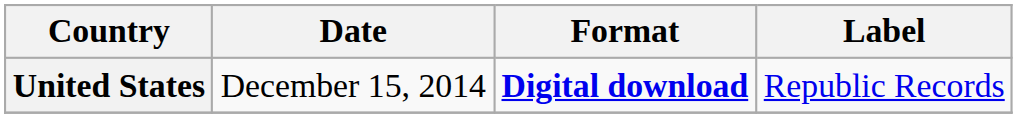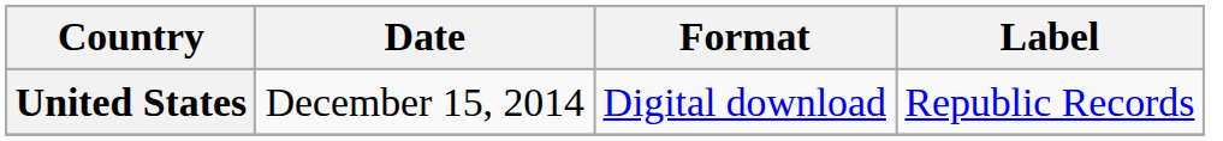 <table class="wikitable plainrowheaders">
 <tr>
 <th scope="col">Country</th>
 <th scope="col">Date</th>
 <th scope="col">Format</th>
 <th scope="col">Label</th>
 </tr>
 <tr>
 <th scope="row">United States</th>
 <td>December 15, 2014</td>
-<td><strong><a href='#'>Digital download</a></strong></td>
+<td><a href='#'>Digital download</a></td>
 <td><a href='#'>Republic Records</a></td>
 </tr>
 <tr>
 </tr>
 </table>
